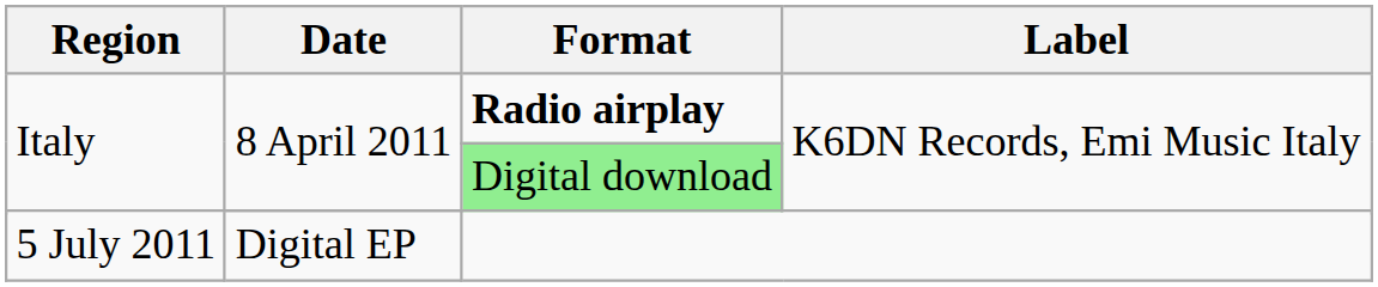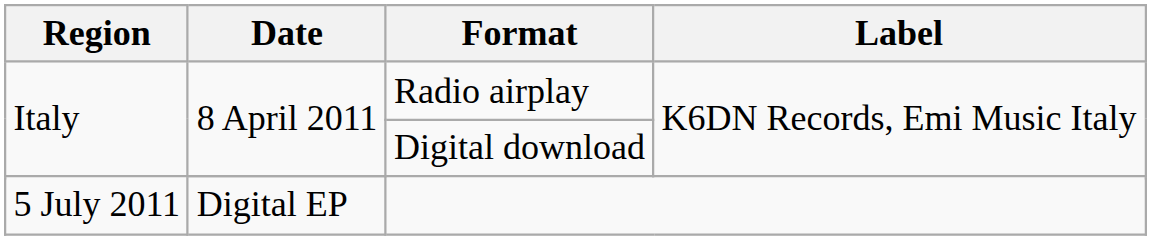 <table class="wikitable">
 <tr>
 <th>Region</th>
 <th>Date</th>
 <th>Format</th>
 <th>Label</th>
 </tr>
 <tr>
 <td rowspan="3">Italy</td>
 <td rowspan="2">8 April 2011</td>
-<td><strong>Radio airplay</strong></td>
+<td>Radio airplay</td>
 <td rowspan="3">K6DN Records, Emi Music Italy</td>
 </tr>
 <tr>
-<td style="background: lightgreen;">Digital download</td>
+<td>Digital download</td>
 </tr>
 <tr>
 </tr>
 <tr>
 <td>5 July 2011</td>
 <td>Digital EP</td>
 </tr>
 </table>
